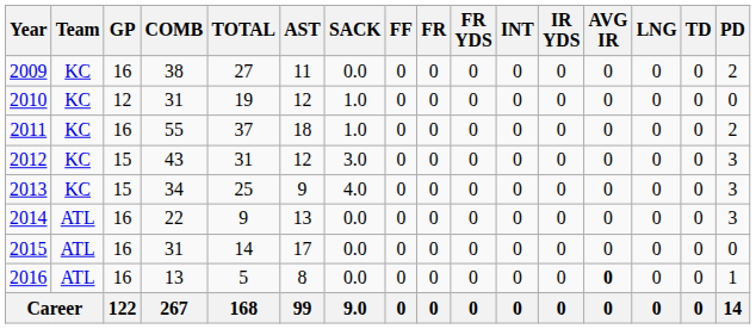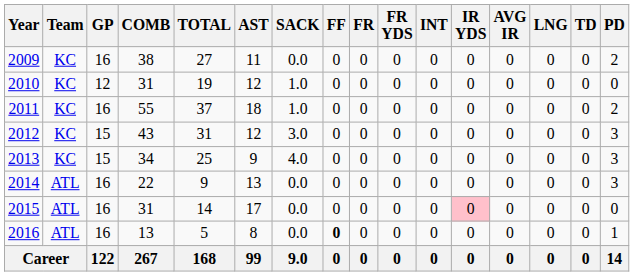 <table class="wikitable" style="text-align:center">
 <tr>
 <th>Year</th>
 <th>Team</th>
 <th>GP</th>
 <th>COMB</th>
 <th>TOTAL</th>
 <th>AST</th>
 <th>SACK</th>
 <th>FF</th>
 <th>FR</th>
 <th>FR YDS</th>
 <th>INT</th>
 <th>IR YDS</th>
 <th>AVG IR</th>
 <th>LNG</th>
 <th>TD</th>
 <th>PD</th>
 </tr>
 <tr>
 <td><a href='#'>2009</a></td>
 <td><a href='#'>KC</a></td>
 <td>16</td>
 <td>38</td>
 <td>27</td>
 <td>11</td>
 <td>0.0</td>
 <td>0</td>
 <td>0</td>
 <td>0</td>
 <td>0</td>
 <td>0</td>
 <td>0</td>
 <td>0</td>
 <td>0</td>
 <td>2</td>
 </tr>
 <tr>
 <td><a href='#'>2010</a></td>
 <td><a href='#'>KC</a></td>
 <td>12</td>
 <td>31</td>
 <td>19</td>
 <td>12</td>
 <td>1.0</td>
 <td>0</td>
 <td>0</td>
 <td>0</td>
 <td>0</td>
 <td>0</td>
 <td>0</td>
 <td>0</td>
 <td>0</td>
 <td>0</td>
 </tr>
 <tr>
 <td><a href='#'>2011</a></td>
 <td><a href='#'>KC</a></td>
 <td>16</td>
 <td>55</td>
 <td>37</td>
 <td>18</td>
 <td>1.0</td>
 <td>0</td>
 <td>0</td>
 <td>0</td>
 <td>0</td>
 <td>0</td>
 <td>0</td>
 <td>0</td>
 <td>0</td>
 <td>2</td>
 </tr>
 <tr>
 <td><a href='#'>2012</a></td>
 <td><a href='#'>KC</a></td>
 <td>15</td>
 <td>43</td>
 <td>31</td>
 <td>12</td>
 <td>3.0</td>
 <td>0</td>
 <td>0</td>
 <td>0</td>
 <td>0</td>
 <td>0</td>
 <td>0</td>
 <td>0</td>
 <td>0</td>
 <td>3</td>
 </tr>
 <tr>
 <td><a href='#'>2013</a></td>
 <td><a href='#'>KC</a></td>
 <td>15</td>
 <td>34</td>
 <td>25</td>
 <td>9</td>
 <td>4.0</td>
 <td>0</td>
 <td>0</td>
 <td>0</td>
 <td>0</td>
 <td>0</td>
 <td>0</td>
 <td>0</td>
 <td>0</td>
 <td>3</td>
 </tr>
 <tr>
 <td><a href='#'>2014</a></td>
 <td><a href='#'>ATL</a></td>
 <td>16</td>
 <td>22</td>
 <td>9</td>
 <td>13</td>
 <td>0.0</td>
 <td>0</td>
 <td>0</td>
 <td>0</td>
 <td>0</td>
 <td>0</td>
 <td>0</td>
 <td>0</td>
 <td>0</td>
 <td>3</td>
 </tr>
 <tr>
 <td><a href='#'>2015</a></td>
 <td><a href='#'>ATL</a></td>
 <td>16</td>
 <td>31</td>
 <td>14</td>
 <td>17</td>
 <td>0.0</td>
 <td>0</td>
 <td>0</td>
 <td>0</td>
 <td>0</td>
-<td>0</td>
+<td style="background: pink;">0</td>
 <td>0</td>
 <td>0</td>
 <td>0</td>
 <td>0</td>
 </tr>
 <tr>
 <td><a href='#'>2016</a></td>
 <td><a href='#'>ATL</a></td>
 <td>16</td>
 <td>13</td>
 <td>5</td>
 <td>8</td>
 <td>0.0</td>
+<td><strong>0</strong></td>
 <td>0</td>
 <td>0</td>
 <td>0</td>
 <td>0</td>
 <td>0</td>
-<td><strong>0</strong></td>
 <td>0</td>
 <td>0</td>
 <td>1</td>
 </tr>
 <tr>
 <th colspan="2">Career</th>
 <th>122</th>
 <th>267</th>
 <th>168</th>
 <th>99</th>
 <th>9.0</th>
 <th>0</th>
 <th>0</th>
 <th>0</th>
 <th>0</th>
 <th>0</th>
 <th>0</th>
 <th>0</th>
 <th>0</th>
 <th>14</th>
 </tr>
 </table>
